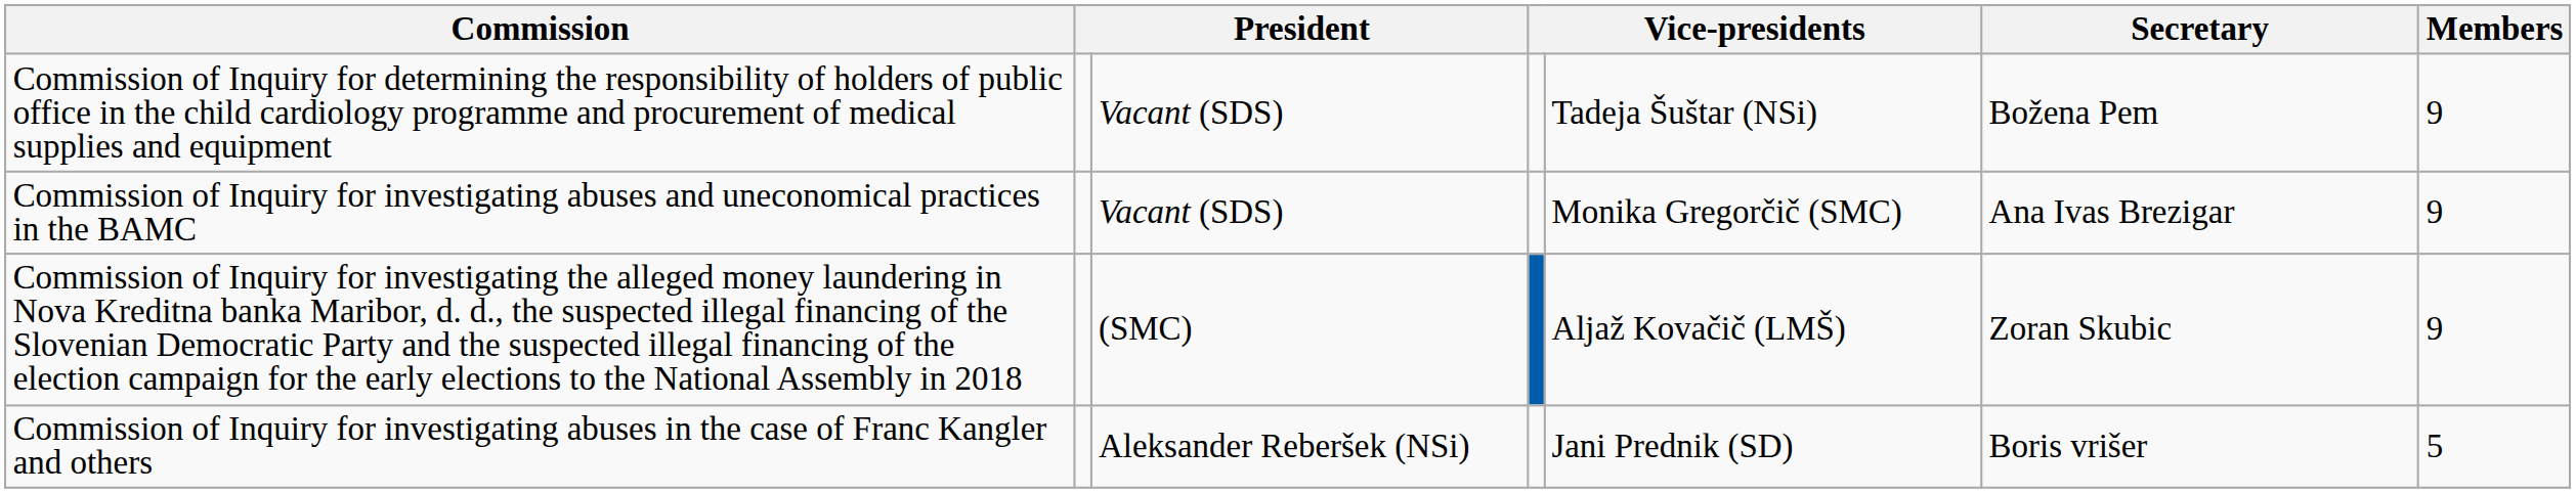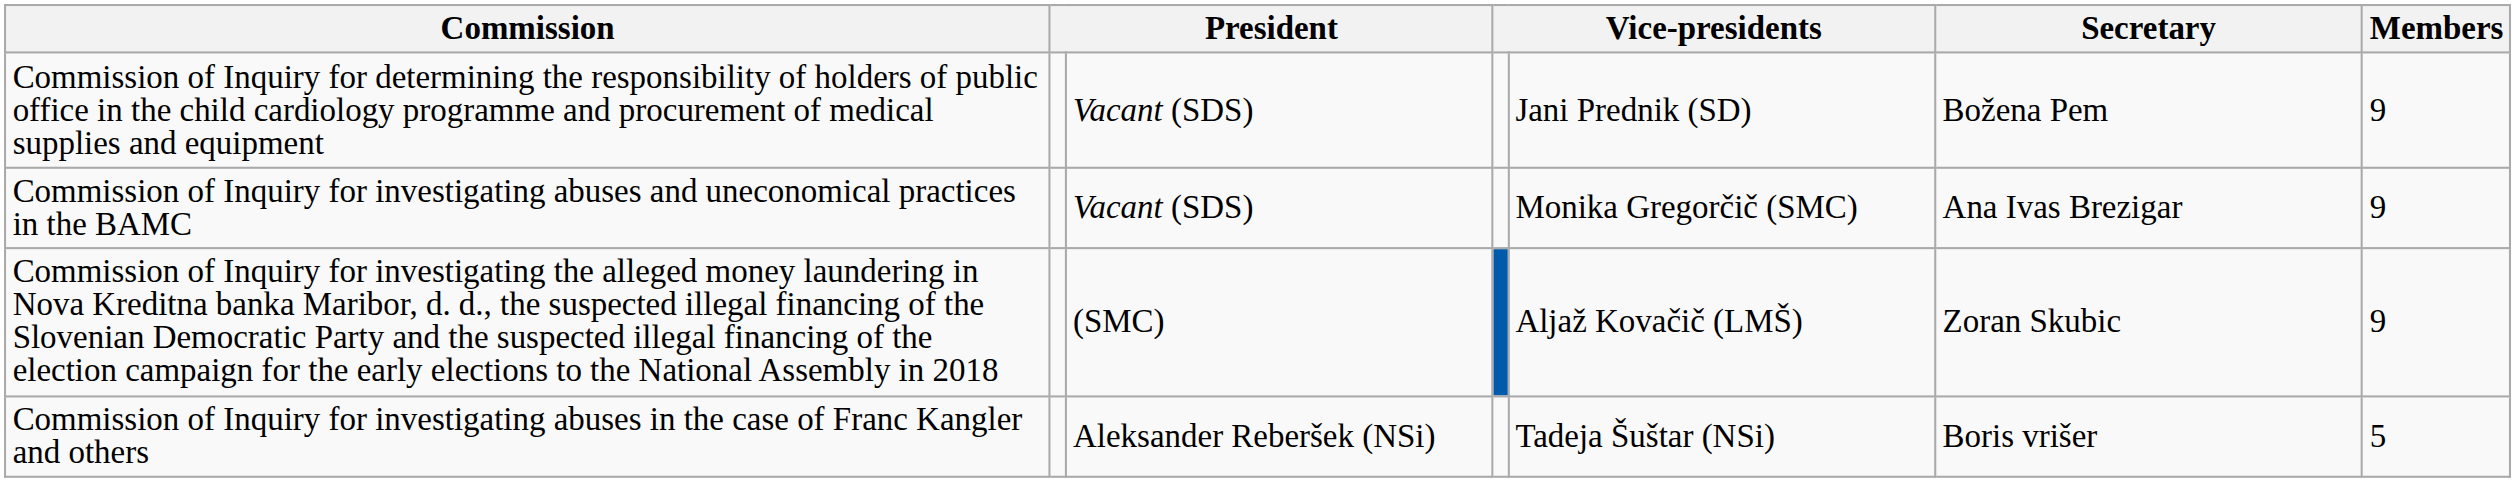 <table class="wikitable" style="line-height:16px;">
 <tr>
 <th style="width:500px;">Commission</th>
 <th colspan="2" style="width:200px;">President</th>
 <th colspan="2" style="width:200px;">Vice-presidents</th>
 <th style="width:200px;">Secretary</th>
 <th style="width:50px;">Members</th>
 </tr>
 <tr>
 <td style="width:500px;">Commission of Inquiry for determining the responsibility of holders of public office in the child cardiology programme and procurement of medical supplies and equipment</td>
 <td style="background:"></td>
 <td style="width:200px;"><em>Vacant</em> (SDS)</td>
 <td style="background:"></td>
-<td style="width:200px;">Tadeja Šuštar (NSi)</td>
+<td style="width:200px;">Jani Prednik (SD)</td>
 <td style="width:200px;">Božena Pem</td>
 <td>9</td>
 </tr>
 <tr>
 <td style="width:500px;">Commission of Inquiry for investigating abuses and uneconomical practices in the BAMC</td>
 <td style="background:"></td>
 <td style="width:200px;"><em>Vacant</em> (SDS)</td>
 <td style="background:"></td>
 <td style="width:200px;">Monika Gregorčič (SMC)</td>
 <td style="width:200px;">Ana Ivas Brezigar</td>
 <td>9</td>
 </tr>
 <tr>
 <td style="width:500px;">Commission of Inquiry for investigating the alleged money laundering in Nova Kreditna banka Maribor, d. d., the suspected illegal financing of the Slovenian Democratic Party and the suspected illegal financing of the election campaign for the early elections to the National Assembly in 2018</td>
 <td style="background:"></td>
 <td style="width:200px;">(SMC)</td>
 <td style="background:#005bab"></td>
 <td style="width:200px;">Aljaž Kovačič (LMŠ)</td>
 <td style="width:200px;">Zoran Skubic</td>
 <td>9</td>
 </tr>
 <tr>
 <td style="width:500px;">Commission of Inquiry for investigating abuses in the case of Franc Kangler and others</td>
 <td style="background:"></td>
 <td style="width:200px;">Aleksander Reberšek (NSi)</td>
 <td style="background:"></td>
-<td style="width:200px;">Jani Prednik (SD)</td>
+<td style="width:200px;">Tadeja Šuštar (NSi)</td>
 <td style="width:200px;">Boris vrišer</td>
 <td>5</td>
 </tr>
 </table>
